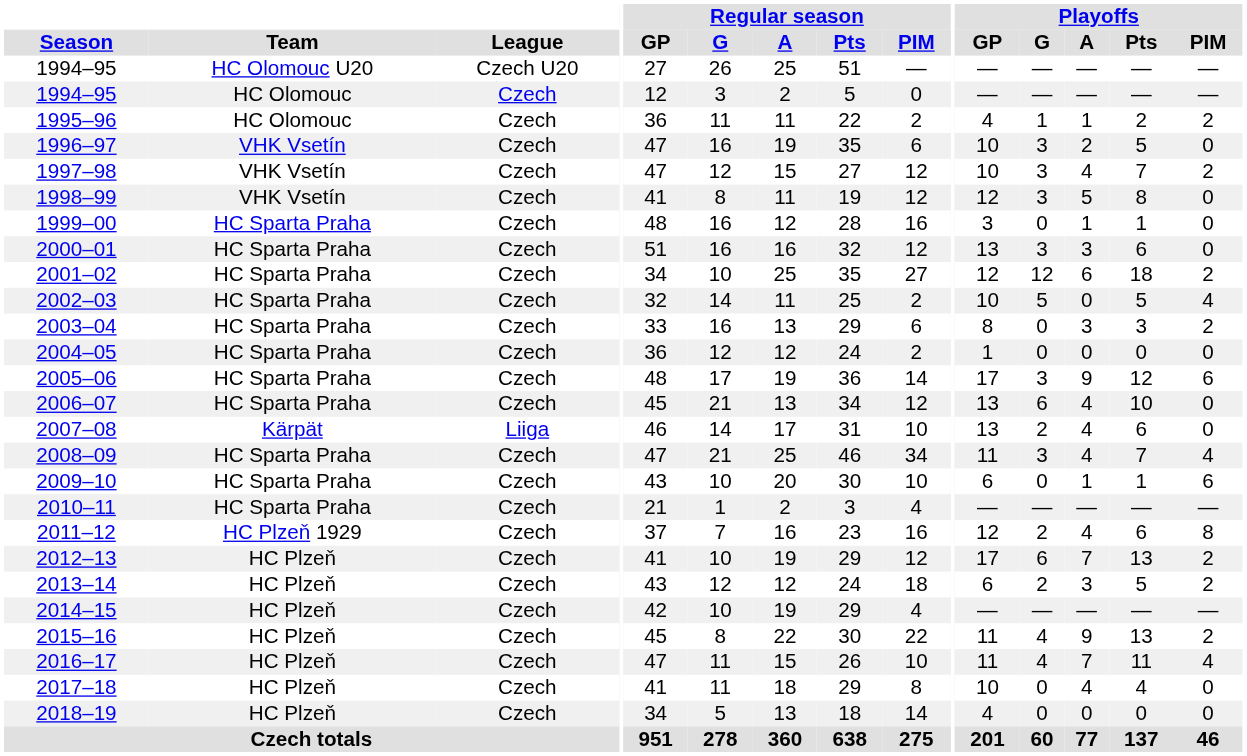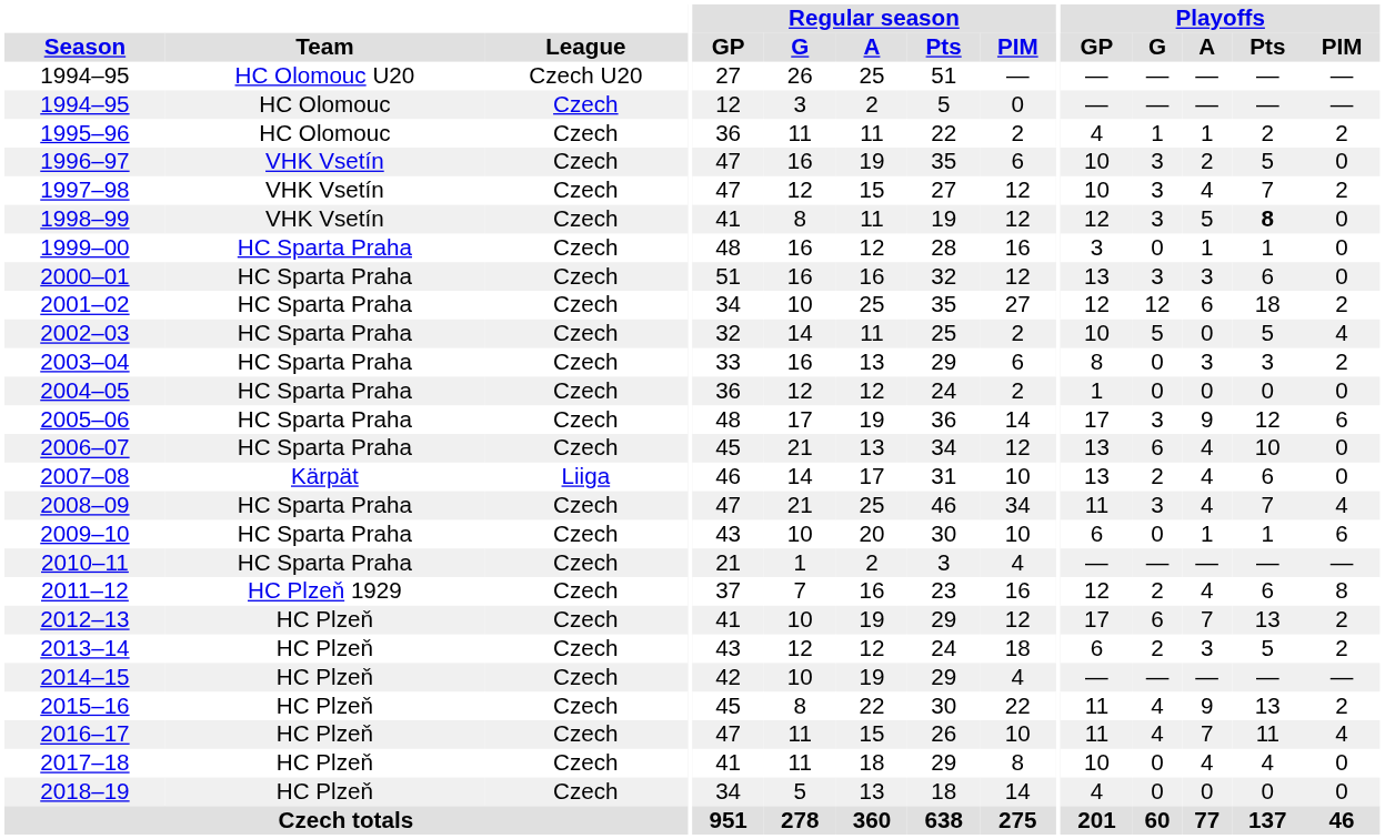 <table border="0" cellpadding="1" cellspacing="0" style="text-align:center; width:60em">
 <tr bgcolor="#e0e0e0">
 <th colspan="3" bgcolor="#ffffff"></th>
 <th rowspan="99" bgcolor="#ffffff"></th>
 <th colspan="5"><a href='#'>Regular season</a></th>
 <th rowspan="99" bgcolor="#ffffff"></th>
 <th colspan="5"><a href='#'>Playoffs</a></th>
 </tr>
 <tr bgcolor="#e0e0e0">
 <th><a href='#'>Season</a></th>
 <th>Team</th>
 <th>League</th>
 <th>GP</th>
 <th><a href='#'>G</a></th>
 <th><a href='#'>A</a></th>
 <th><a href='#'>Pts</a></th>
 <th><a href='#'>PIM</a></th>
 <th>GP</th>
 <th>G</th>
 <th>A</th>
 <th>Pts</th>
 <th>PIM</th>
 </tr>
 <tr>
 <td>1994–95</td>
 <td><a href='#'>HC Olomouc</a> U20</td>
 <td>Czech U20</td>
 <td>27</td>
 <td>26</td>
 <td>25</td>
 <td>51</td>
 <td>—</td>
 <td>—</td>
 <td>—</td>
 <td>—</td>
 <td>—</td>
 <td>—</td>
 </tr>
 <tr bgcolor="#f0f0f0">
 <td><a href='#'>1994–95</a></td>
 <td>HC Olomouc</td>
 <td><a href='#'>Czech</a></td>
 <td>12</td>
 <td>3</td>
 <td>2</td>
 <td>5</td>
 <td>0</td>
 <td>—</td>
 <td>—</td>
 <td>—</td>
 <td>—</td>
 <td>—</td>
 </tr>
 <tr>
 <td><a href='#'>1995–96</a></td>
 <td>HC Olomouc</td>
 <td>Czech</td>
 <td>36</td>
 <td>11</td>
 <td>11</td>
 <td>22</td>
 <td>2</td>
 <td>4</td>
 <td>1</td>
 <td>1</td>
 <td>2</td>
 <td>2</td>
 </tr>
 <tr bgcolor="#f0f0f0">
 <td><a href='#'>1996–97</a></td>
 <td><a href='#'>VHK Vsetín</a></td>
 <td>Czech</td>
 <td>47</td>
 <td>16</td>
 <td>19</td>
 <td>35</td>
 <td>6</td>
 <td>10</td>
 <td>3</td>
 <td>2</td>
 <td>5</td>
 <td>0</td>
 </tr>
 <tr>
 <td><a href='#'>1997–98</a></td>
 <td>VHK Vsetín</td>
 <td>Czech</td>
 <td>47</td>
 <td>12</td>
 <td>15</td>
 <td>27</td>
 <td>12</td>
 <td>10</td>
 <td>3</td>
 <td>4</td>
 <td>7</td>
 <td>2</td>
 </tr>
 <tr bgcolor="#f0f0f0">
 <td><a href='#'>1998–99</a></td>
 <td>VHK Vsetín</td>
 <td>Czech</td>
 <td>41</td>
 <td>8</td>
 <td>11</td>
 <td>19</td>
 <td>12</td>
 <td>12</td>
 <td>3</td>
 <td>5</td>
-<td>8</td>
+<td><strong>8</strong></td>
 <td>0</td>
 </tr>
 <tr>
 <td><a href='#'>1999–00</a></td>
 <td><a href='#'>HC Sparta Praha</a></td>
 <td>Czech</td>
 <td>48</td>
 <td>16</td>
 <td>12</td>
 <td>28</td>
 <td>16</td>
 <td>3</td>
 <td>0</td>
 <td>1</td>
 <td>1</td>
 <td>0</td>
 </tr>
 <tr bgcolor="#f0f0f0">
 <td><a href='#'>2000–01</a></td>
 <td>HC Sparta Praha</td>
 <td>Czech</td>
 <td>51</td>
 <td>16</td>
 <td>16</td>
 <td>32</td>
 <td>12</td>
 <td>13</td>
 <td>3</td>
 <td>3</td>
 <td>6</td>
 <td>0</td>
 </tr>
 <tr>
 <td><a href='#'>2001–02</a></td>
 <td>HC Sparta Praha</td>
 <td>Czech</td>
 <td>34</td>
 <td>10</td>
 <td>25</td>
 <td>35</td>
 <td>27</td>
 <td>12</td>
 <td>12</td>
 <td>6</td>
 <td>18</td>
 <td>2</td>
 </tr>
 <tr bgcolor="#f0f0f0">
 <td><a href='#'>2002–03</a></td>
 <td>HC Sparta Praha</td>
 <td>Czech</td>
 <td>32</td>
 <td>14</td>
 <td>11</td>
 <td>25</td>
 <td>2</td>
 <td>10</td>
 <td>5</td>
 <td>0</td>
 <td>5</td>
 <td>4</td>
 </tr>
 <tr>
 <td><a href='#'>2003–04</a></td>
 <td>HC Sparta Praha</td>
 <td>Czech</td>
 <td>33</td>
 <td>16</td>
 <td>13</td>
 <td>29</td>
 <td>6</td>
 <td>8</td>
 <td>0</td>
 <td>3</td>
 <td>3</td>
 <td>2</td>
 </tr>
 <tr bgcolor="#f0f0f0">
 <td><a href='#'>2004–05</a></td>
 <td>HC Sparta Praha</td>
 <td>Czech</td>
 <td>36</td>
 <td>12</td>
 <td>12</td>
 <td>24</td>
 <td>2</td>
 <td>1</td>
 <td>0</td>
 <td>0</td>
 <td>0</td>
 <td>0</td>
 </tr>
 <tr>
 <td><a href='#'>2005–06</a></td>
 <td>HC Sparta Praha</td>
 <td>Czech</td>
 <td>48</td>
 <td>17</td>
 <td>19</td>
 <td>36</td>
 <td>14</td>
 <td>17</td>
 <td>3</td>
 <td>9</td>
 <td>12</td>
 <td>6</td>
 </tr>
 <tr bgcolor="#f0f0f0">
 <td><a href='#'>2006–07</a></td>
 <td>HC Sparta Praha</td>
 <td>Czech</td>
 <td>45</td>
 <td>21</td>
 <td>13</td>
 <td>34</td>
 <td>12</td>
 <td>13</td>
 <td>6</td>
 <td>4</td>
 <td>10</td>
 <td>0</td>
 </tr>
 <tr>
 <td><a href='#'>2007–08</a></td>
 <td><a href='#'>Kärpät</a></td>
 <td><a href='#'>Liiga</a></td>
 <td>46</td>
 <td>14</td>
 <td>17</td>
 <td>31</td>
 <td>10</td>
 <td>13</td>
 <td>2</td>
 <td>4</td>
 <td>6</td>
 <td>0</td>
 </tr>
 <tr bgcolor="#f0f0f0">
 <td><a href='#'>2008–09</a></td>
 <td>HC Sparta Praha</td>
 <td>Czech</td>
 <td>47</td>
 <td>21</td>
 <td>25</td>
 <td>46</td>
 <td>34</td>
 <td>11</td>
 <td>3</td>
 <td>4</td>
 <td>7</td>
 <td>4</td>
 </tr>
 <tr>
 <td><a href='#'>2009–10</a></td>
 <td>HC Sparta Praha</td>
 <td>Czech</td>
 <td>43</td>
 <td>10</td>
 <td>20</td>
 <td>30</td>
 <td>10</td>
 <td>6</td>
 <td>0</td>
 <td>1</td>
 <td>1</td>
 <td>6</td>
 </tr>
 <tr bgcolor="#f0f0f0">
 <td><a href='#'>2010–11</a></td>
 <td>HC Sparta Praha</td>
 <td>Czech</td>
 <td>21</td>
 <td>1</td>
 <td>2</td>
 <td>3</td>
 <td>4</td>
 <td>—</td>
 <td>—</td>
 <td>—</td>
 <td>—</td>
 <td>—</td>
 </tr>
 <tr>
 <td><a href='#'>2011–12</a></td>
 <td><a href='#'>HC Plzeň</a> 1929</td>
 <td>Czech</td>
 <td>37</td>
 <td>7</td>
 <td>16</td>
 <td>23</td>
 <td>16</td>
 <td>12</td>
 <td>2</td>
 <td>4</td>
 <td>6</td>
 <td>8</td>
 </tr>
 <tr bgcolor="#f0f0f0">
 <td><a href='#'>2012–13</a></td>
 <td>HC Plzeň</td>
 <td>Czech</td>
 <td>41</td>
 <td>10</td>
 <td>19</td>
 <td>29</td>
 <td>12</td>
 <td>17</td>
 <td>6</td>
 <td>7</td>
 <td>13</td>
 <td>2</td>
 </tr>
 <tr>
 <td><a href='#'>2013–14</a></td>
 <td>HC Plzeň</td>
 <td>Czech</td>
 <td>43</td>
 <td>12</td>
 <td>12</td>
 <td>24</td>
 <td>18</td>
 <td>6</td>
 <td>2</td>
 <td>3</td>
 <td>5</td>
 <td>2</td>
 </tr>
 <tr bgcolor="#f0f0f0">
 <td><a href='#'>2014–15</a></td>
 <td>HC Plzeň</td>
 <td>Czech</td>
 <td>42</td>
 <td>10</td>
 <td>19</td>
 <td>29</td>
 <td>4</td>
 <td>—</td>
 <td>—</td>
 <td>—</td>
 <td>—</td>
 <td>—</td>
 </tr>
 <tr>
 <td><a href='#'>2015–16</a></td>
 <td>HC Plzeň</td>
 <td>Czech</td>
 <td>45</td>
 <td>8</td>
 <td>22</td>
 <td>30</td>
 <td>22</td>
 <td>11</td>
 <td>4</td>
 <td>9</td>
 <td>13</td>
 <td>2</td>
 </tr>
 <tr bgcolor="#f0f0f0">
 <td><a href='#'>2016–17</a></td>
 <td>HC Plzeň</td>
 <td>Czech</td>
 <td>47</td>
 <td>11</td>
 <td>15</td>
 <td>26</td>
 <td>10</td>
 <td>11</td>
 <td>4</td>
 <td>7</td>
 <td>11</td>
 <td>4</td>
 </tr>
 <tr>
 <td><a href='#'>2017–18</a></td>
 <td>HC Plzeň</td>
 <td>Czech</td>
 <td>41</td>
 <td>11</td>
 <td>18</td>
 <td>29</td>
 <td>8</td>
 <td>10</td>
 <td>0</td>
 <td>4</td>
 <td>4</td>
 <td>0</td>
 </tr>
 <tr bgcolor="#f0f0f0">
 <td><a href='#'>2018–19</a></td>
 <td>HC Plzeň</td>
 <td>Czech</td>
 <td>34</td>
 <td>5</td>
 <td>13</td>
 <td>18</td>
 <td>14</td>
 <td>4</td>
 <td>0</td>
 <td>0</td>
 <td>0</td>
 <td>0</td>
 </tr>
 <tr>
 </tr>
 <tr ALIGN="center" bgcolor="#e0e0e0">
 <th colspan="3">Czech totals</th>
 <th ALIGN="center">951</th>
 <th ALIGN="center">278</th>
 <th ALIGN="center">360</th>
 <th ALIGN="center">638</th>
 <th ALIGN="center">275</th>
 <th ALIGN="center">201</th>
 <th ALIGN="center">60</th>
 <th ALIGN="center">77</th>
 <th ALIGN="center">137</th>
 <th ALIGN="center">46</th>
 </tr>
 </table>
